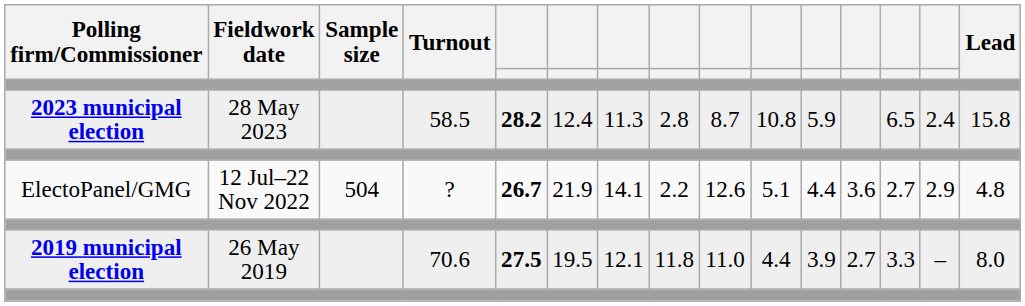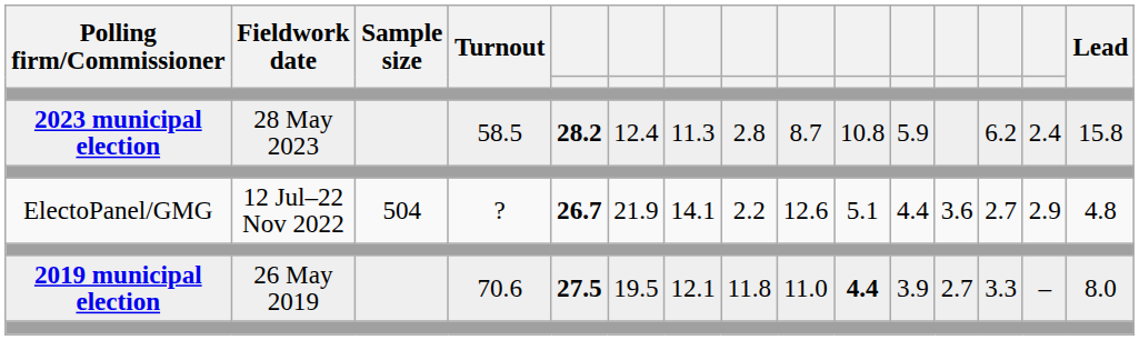 <table class="wikitable collapsible collapsed" style="text-align:center; font-size:95%; line-height:16px;">
 <tr style="height:42px;">
 <th style="width:250px;" rowspan="2">Polling firm/Commissioner</th>
 <th style="width:125px;" rowspan="2">Fieldwork date</th>
 <th style="width:50px;" rowspan="2">Sample size</th>
 <th style="width:45px;" rowspan="2">Turnout</th>
 <th style="width:35px;"><br></th>
 <th style="width:35px;"></th>
 <th style="width:35px;"></th>
 <th style="width:35px;"></th>
 <th style="width:35px;"></th>
 <th style="width:35px;"></th>
 <th style="width:35px;"></th>
 <th style="width:35px;"></th>
 <th style="width:35px;"></th>
 <th style="width:35px;"></th>
 <th style="width:30px;" rowspan="2">Lead</th>
 </tr>
 <tr>
 <th style="color:inherit;background:"></th>
 <th style="color:inherit;background:"></th>
 <th style="color:inherit;background:"></th>
 <th style="color:inherit;background:"></th>
 <th style="color:inherit;background:"></th>
 <th style="color:inherit;background:"></th>
 <th style="color:inherit;background:"></th>
 <th style="color:inherit;background:"></th>
 <th style="color:inherit;background:"></th>
 <th style="color:inherit;background:"></th>
 </tr>
 <tr>
 <td colspan="15" style="background:#A0A0A0"></td>
 </tr>
 <tr style="background:#EFEFEF;">
 <td><strong><a href='#'>2023 municipal election</a></strong></td>
 <td>28 May 2023</td>
 <td></td>
 <td>58.5</td>
 <td><strong>28.2</strong><br></td>
 <td>12.4<br></td>
 <td>11.3<br></td>
 <td>2.8<br></td>
 <td>8.7<br></td>
 <td>10.8<br></td>
 <td>5.9<br></td>
 <td></td>
-<td>6.5<br></td>
+<td>6.2<br></td>
 <td>2.4<br></td>
 <td style="background:">15.8</td>
 </tr>
 <tr>
 <td colspan="15" style="background:#A0A0A0"></td>
 </tr>
 <tr>
 <td>ElectoPanel/GMG</td>
 <td>12 Jul–22 Nov 2022</td>
 <td>504</td>
 <td>?</td>
 <td><strong>26.7</strong><br></td>
 <td>21.9<br></td>
 <td>14.1<br></td>
 <td>2.2<br></td>
 <td>12.6<br></td>
 <td>5.1<br></td>
 <td>4.4<br></td>
 <td>3.6<br></td>
 <td>2.7<br></td>
 <td>2.9<br></td>
 <td style="background:">4.8</td>
 </tr>
 <tr>
 <td colspan="15" style="background:#A0A0A0"></td>
 </tr>
 <tr style="background:#EFEFEF;">
 <td><strong><a href='#'>2019 municipal election</a></strong></td>
 <td>26 May 2019</td>
 <td></td>
 <td>70.6</td>
 <td><strong>27.5</strong><br></td>
 <td>19.5<br></td>
 <td>12.1<br></td>
 <td>11.8<br></td>
 <td>11.0<br></td>
-<td>4.4<br></td>
+<td><strong>4.4<br></strong></td>
 <td>3.9<br></td>
 <td>2.7<br></td>
 <td>3.3<br></td>
 <td>–</td>
 <td style="background:">8.0</td>
 </tr>
 <tr>
 <td colspan="15" style="background:#A0A0A0"></td>
 </tr>
 </table>
